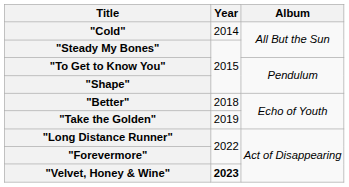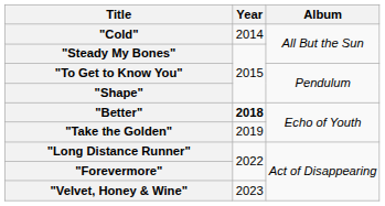 <table class="wikitable plainrowheaders" style="text-align:center;">
 <tr>
 <th style="width:18em;">Title</th>
 <th>Year</th>
 <th>Album</th>
 </tr>
 <tr>
 <th scope="row">"Cold"</th>
 <td>2014</td>
 <td rowspan="2"><em>All But the Sun</em></td>
 </tr>
 <tr>
 <th scope="row">"Steady My Bones"</th>
 <td rowspan="3">2015</td>
 </tr>
 <tr>
 <th scope="row">"To Get to Know You"</th>
 <td rowspan="2"><em>Pendulum</em></td>
 </tr>
 <tr>
 <th scope="row">"Shape"</th>
 </tr>
 <tr>
 <th scope="row">"Better"</th>
-<td>2018</td>
+<td><strong>2018</strong></td>
 <td rowspan="2"><em>Echo of Youth</em></td>
 </tr>
 <tr>
 <th scope="row">"Take the Golden"</th>
 <td>2019</td>
 </tr>
 <tr>
 <th scope="row">"Long Distance Runner"</th>
 <td rowspan="2">2022</td>
 <td rowspan="3"><em>Act of Disappearing</em></td>
 </tr>
 <tr>
 <th scope="row">"Forevermore"</th>
 </tr>
 <tr>
 <th scope="row">"Velvet, Honey & Wine"</th>
-<td><strong>2023</strong></td>
+<td>2023</td>
 </tr>
 </table>
